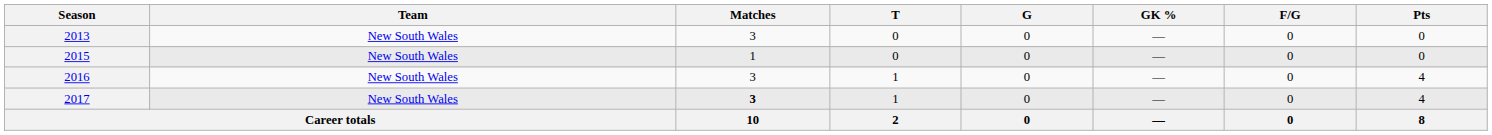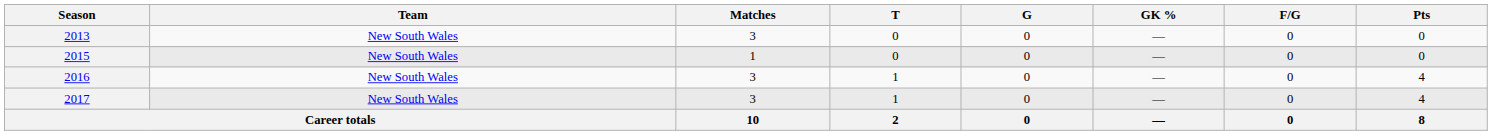 <table class="wikitable sortable"  style="font-size:90%; text-align:center; width:85%;">
 <tr>
 <th width=2%>Season</th>
 <th width=8%>Team</th>
 <th width=2%>Matches</th>
 <th width=2%>T</th>
 <th width=2%>G</th>
 <th width=2%>GK %</th>
 <th width=2%>F/G</th>
 <th width=2%>Pts</th>
 </tr>
 <tr>
 <th scope="row" style="text-align:center; font-weight:normal"><a href='#'>2013</a></th>
 <td style="text-align:center;"> <a href='#'>New South Wales</a></td>
 <td>3</td>
 <td>0</td>
 <td>0</td>
 <td>—</td>
 <td>0</td>
 <td>0</td>
 </tr>
 <tr style="background:#eaeaea;">
 <th scope="row" style="text-align:center; font-weight:normal"><a href='#'>2015</a></th>
 <td style="text-align:center;"> <a href='#'>New South Wales</a></td>
 <td>1</td>
 <td>0</td>
 <td>0</td>
 <td>—</td>
 <td>0</td>
 <td>0</td>
 </tr>
 <tr>
 <th scope="row" style="text-align:center; font-weight:normal"><a href='#'>2016</a></th>
 <td style="text-align:center;"> <a href='#'>New South Wales</a></td>
 <td>3</td>
 <td>1</td>
 <td>0</td>
 <td>—</td>
 <td>0</td>
 <td>4</td>
 </tr>
 <tr style="background:#eaeaea;">
 <th scope="row" style="text-align:center; font-weight:normal"><a href='#'>2017</a></th>
 <td style="text-align:center;"> <a href='#'>New South Wales</a></td>
-<td><strong>3</strong></td>
+<td>3</td>
 <td>1</td>
 <td>0</td>
 <td>—</td>
 <td>0</td>
 <td>4</td>
 </tr>
 <tr class="sortbottom">
 <th colspan=2>Career totals</th>
 <th>10</th>
 <th>2</th>
 <th>0</th>
 <th>—</th>
 <th>0</th>
 <th>8</th>
 </tr>
 </table>
